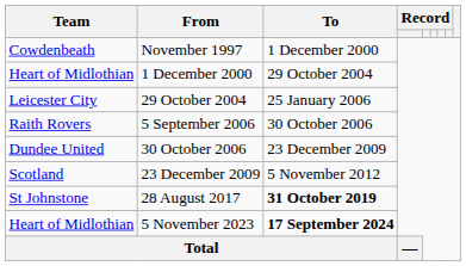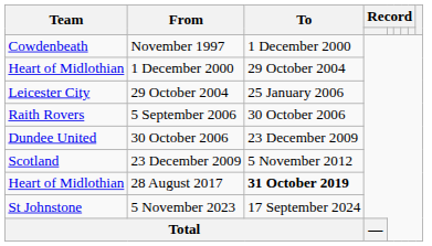 <table class=wikitable style="text-align: left">
 <tr>
 <th rowspan=2>Team</th>
 <th rowspan=2>From</th>
 <th rowspan=2>To</th>
 <th colspan=5>Record</th>
 <th rowspan=2></th>
 </tr>
 <tr>
 <th></th>
 <th></th>
 <th></th>
 <th></th>
 <th></th>
 </tr>
 <tr>
 <td align=left><a href='#'>Cowdenbeath</a></td>
 <td>November 1997</td>
 <td>1 December 2000<br></td>
 </tr>
 <tr>
 <td align=left><a href='#'>Heart of Midlothian</a></td>
 <td>1 December 2000</td>
 <td>29 October 2004<br></td>
 </tr>
 <tr>
 <td align=left><a href='#'>Leicester City</a></td>
 <td>29 October 2004</td>
 <td>25 January 2006<br></td>
 </tr>
 <tr>
 <td align=left><a href='#'>Raith Rovers</a></td>
 <td>5 September 2006</td>
 <td>30 October 2006<br></td>
 </tr>
 <tr>
 <td align=left><a href='#'>Dundee United</a></td>
 <td>30 October 2006</td>
 <td>23 December 2009<br></td>
 </tr>
 <tr>
 <td align=left><a href='#'>Scotland</a></td>
 <td>23 December 2009</td>
 <td>5 November 2012<br></td>
 </tr>
 <tr>
-<td align=left><a href='#'>St Johnstone</a></td>
+<td align=left><a href='#'>Heart of Midlothian</a></td>
 <td>28 August 2017</td>
 <td><strong>31 October 2019<br></strong></td>
 </tr>
 <tr>
-<td align=left><a href='#'>Heart of Midlothian</a></td>
+<td align=left><a href='#'>St Johnstone</a></td>
 <td>5 November 2023</td>
-<td><strong>17 September 2024<br></strong></td>
+<td>17 September 2024<br></td>
 </tr>
 <tr>
 <th colspan=3>Total<br></th>
 <th>—</th>
 </tr>
 </table>
